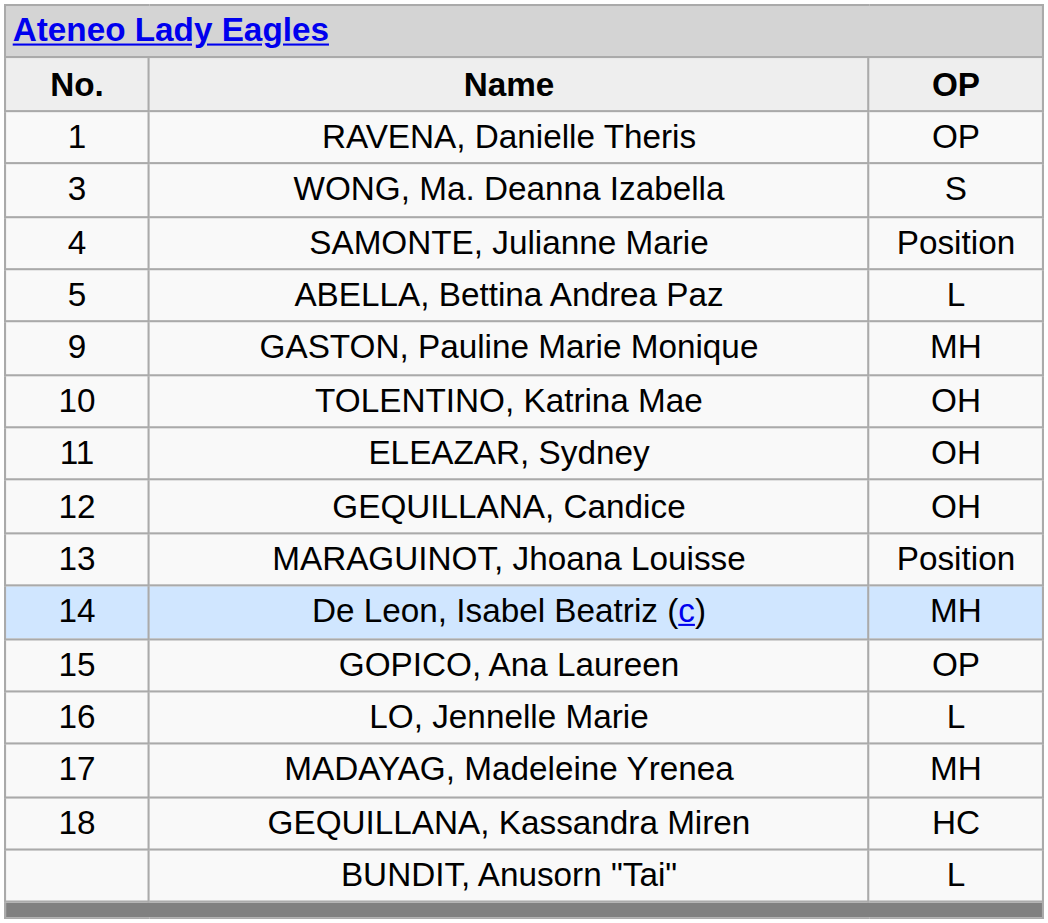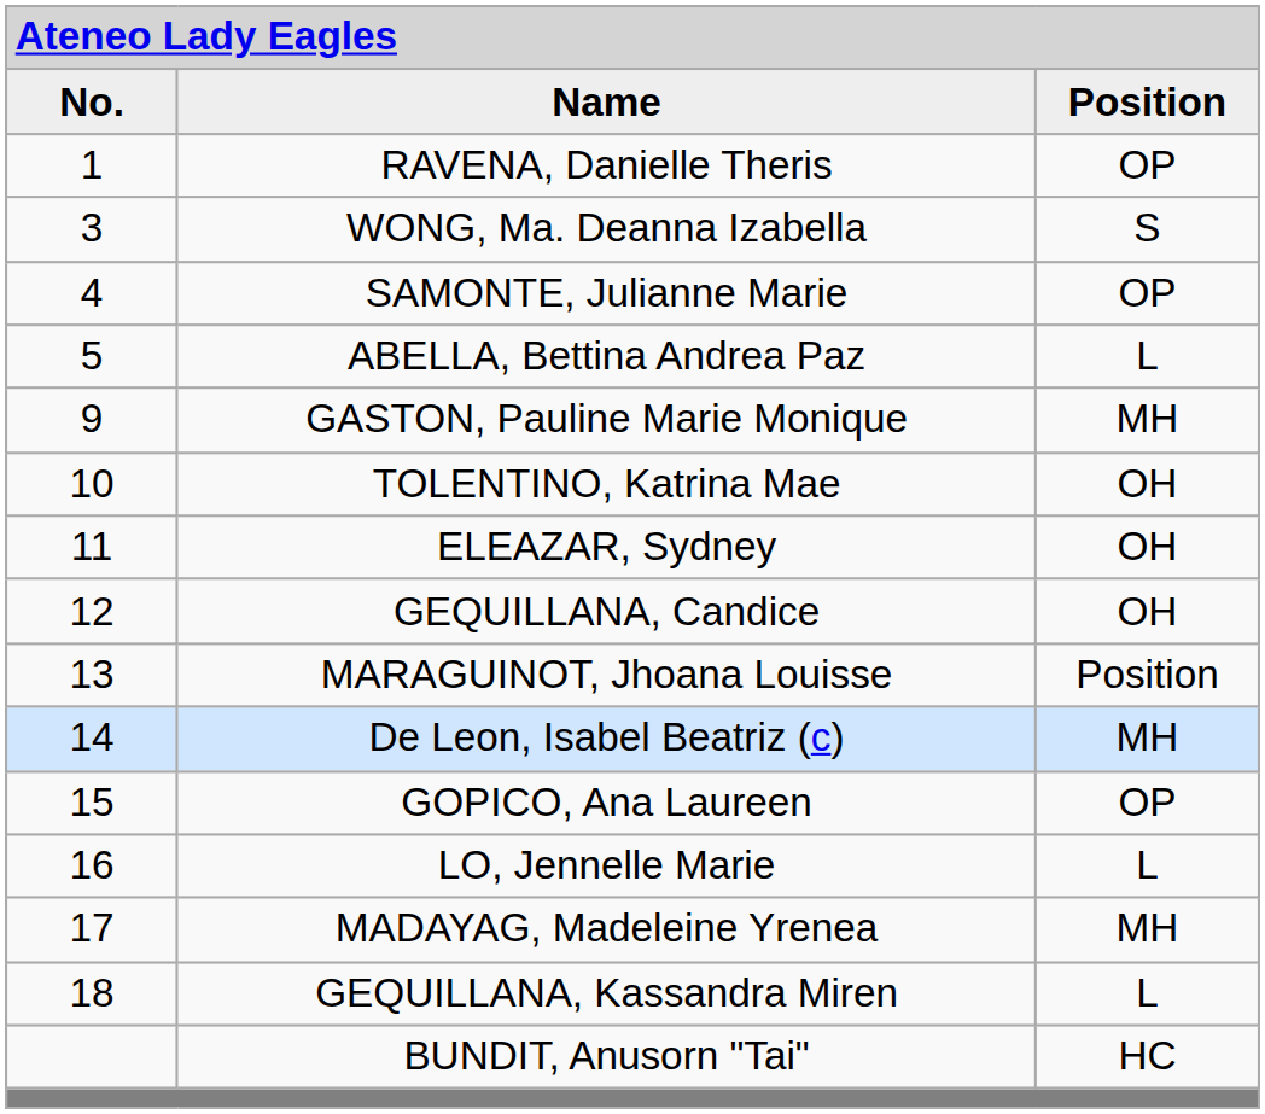 <table class='wikitable mw-collapsible mw-collapsed' style="text-align: center; width: 500px; border: none">
 <tr>
 <th style="background:#D4D4D4; text-align:left;" colspan=3><a href='#'>Ateneo Lady Eagles</a></th>
 </tr>
 <tr style="background:#EEEEEE; font-weight:bold;">
 <td width=10%>No.</td>
 <td width=50%>Name</td>
-<td align=center>OP</td>
+<td width=10%>Position</td>
 </tr>
 <tr>
 <td align=center>1</td>
 <td>RAVENA, Danielle Theris</td>
 <td align=center>OP</td>
 </tr>
 <tr>
 <td align=center>3</td>
 <td>WONG, Ma. Deanna Izabella</td>
 <td align=center>S</td>
 </tr>
 <tr>
 <td align=center>4</td>
 <td>SAMONTE, Julianne Marie</td>
-<td width=10%>Position</td>
+<td align=center>OP</td>
 </tr>
 <tr>
 <td align=center>5</td>
 <td>ABELLA, Bettina Andrea Paz</td>
 <td align=center>L</td>
 </tr>
 <tr>
 <td align=center>9</td>
 <td>GASTON, Pauline Marie Monique</td>
 <td align=center>MH</td>
 </tr>
 <tr>
 <td align=center>10</td>
 <td>TOLENTINO, Katrina Mae</td>
 <td align=center>OH</td>
 </tr>
 <tr>
 <td align=center>11</td>
 <td>ELEAZAR, Sydney</td>
 <td align=center>OH</td>
 </tr>
 <tr>
 <td align=center>12</td>
 <td>GEQUILLANA, Candice</td>
 <td align=center>OH</td>
 </tr>
 <tr>
 <td align=center>13</td>
 <td>MARAGUINOT, Jhoana Louisse</td>
 <td width=10%>Position</td>
 </tr>
 <tr style="background: #D0E6FF">
 <td align=center>14</td>
 <td>De Leon, Isabel Beatriz (<a href='#'>c</a>)</td>
 <td align=center>MH</td>
 </tr>
 <tr>
 <td align=center>15</td>
 <td>GOPICO, Ana Laureen</td>
 <td align=center>OP</td>
 </tr>
 <tr>
 <td align=center>16</td>
 <td>LO, Jennelle Marie</td>
 <td align=center>L</td>
 </tr>
 <tr>
 <td align=center>17</td>
 <td>MADAYAG, Madeleine Yrenea</td>
 <td align=center>MH</td>
 </tr>
 <tr>
 <td align=center>18</td>
 <td>GEQUILLANA, Kassandra Miren</td>
-<td align=center>HC</td>
+<td align=center>L</td>
 </tr>
 <tr>
 <td align=center></td>
 <td>BUNDIT, Anusorn "Tai"</td>
-<td align=center>L</td>
+<td align=center>HC</td>
 </tr>
 <tr>
 <th style='background: grey;' colspan=3></th>
 </tr>
 </table>
